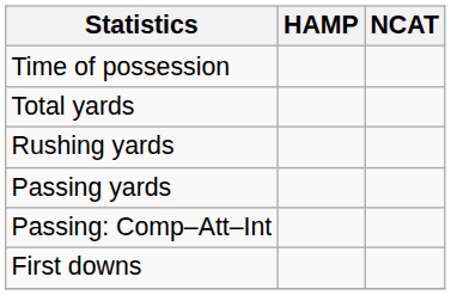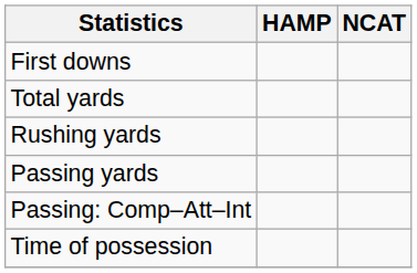 <table class="wikitable" style="float: left;">
 <tr>
 <th>Statistics</th>
 <th>HAMP</th>
 <th>NCAT</th>
 </tr>
 <tr>
-<td>Time of possession</td>
+<td>First downs</td>
 <td></td>
 <td></td>
 </tr>
 <tr>
 <td>Total yards</td>
 <td></td>
 <td></td>
 </tr>
 <tr>
 <td>Rushing yards</td>
 <td></td>
 <td></td>
 </tr>
 <tr>
 <td>Passing yards</td>
 <td></td>
 <td></td>
 </tr>
 <tr>
 <td>Passing: Comp–Att–Int</td>
 <td></td>
 <td></td>
 </tr>
 <tr>
-<td>First downs</td>
+<td>Time of possession</td>
 <td></td>
 <td></td>
 </tr>
 <tr>
 </tr>
 </table>
